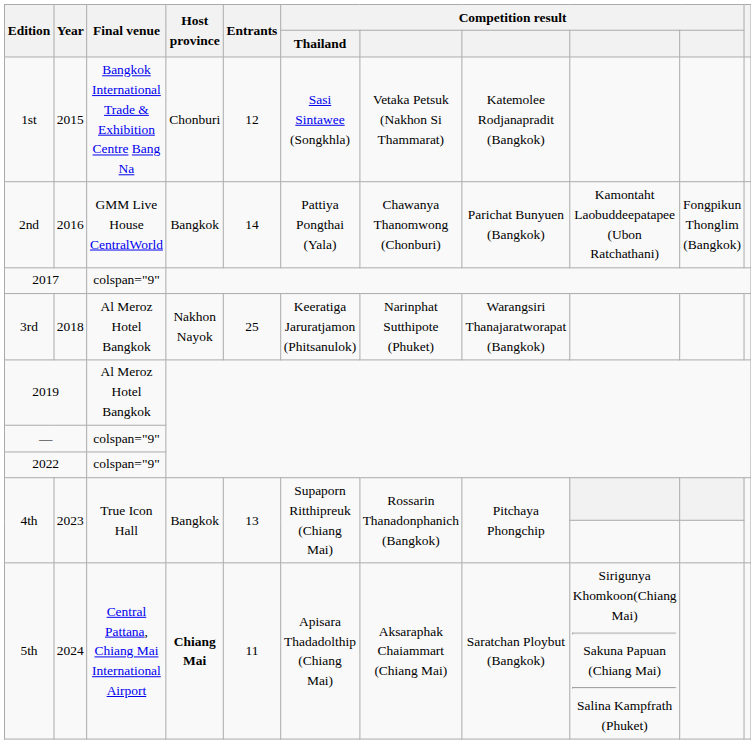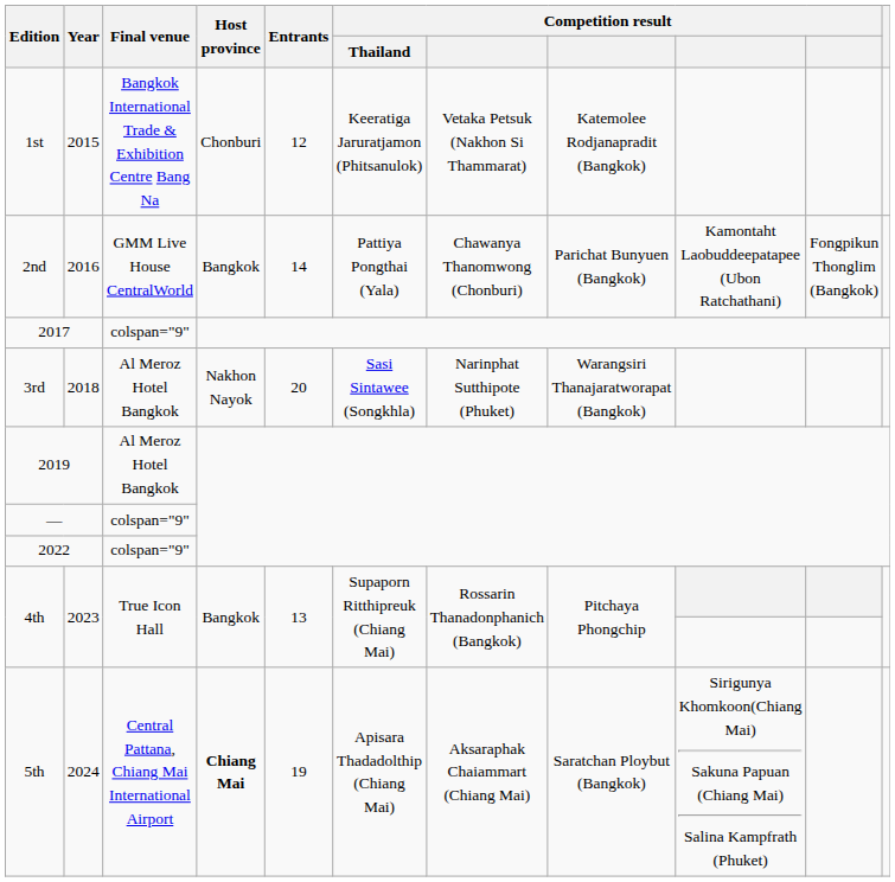 <table class="wikitable" style="text-align:center; font-size:85%; line-height:20px; width:100%;">
 <tr>
 <th rowspan="2">Edition</th>
 <th rowspan="2">Year</th>
 <th rowspan="2">Final venue</th>
 <th rowspan="2">Host province</th>
 <th rowspan="2">Entrants</th>
 <th colspan="5">Competition result</th>
 <th rowspan="2"></th>
 </tr>
 <tr>
 <th> Thailand</th>
 <th></th>
 <th></th>
 <th></th>
 <th></th>
 </tr>
 <tr>
 <td>1st</td>
 <td>2015</td>
 <td><a href='#'>Bangkok International Trade & Exhibition Centre</a> <a href='#'>Bang Na</a></td>
 <td>Chonburi</td>
 <td>12</td>
-<td><a href='#'>Sasi Sintawee</a> (Songkhla)</td>
+<td>Keeratiga Jaruratjamon (Phitsanulok)</td>
 <td>Vetaka Petsuk (Nakhon Si Thammarat)</td>
 <td>Katemolee Rodjanapradit (Bangkok)</td>
 <td></td>
 <td></td>
 <td></td>
 </tr>
 <tr>
 <td>2nd</td>
 <td>2016</td>
 <td>GMM Live House <a href='#'>CentralWorld</a></td>
 <td>Bangkok</td>
 <td>14</td>
 <td>Pattiya Pongthai (Yala)</td>
 <td>Chawanya Thanomwong (Chonburi)</td>
 <td>Parichat Bunyuen (Bangkok)</td>
 <td>Kamontaht Laobuddeepatapee (Ubon Ratchathani)</td>
 <td>Fongpikun Thonglim (Bangkok)</td>
 <td></td>
 </tr>
 <tr>
 <td colspan="2">2017</td>
 <td>colspan="9" </td>
 </tr>
 <tr>
 <td>3rd</td>
 <td>2018</td>
 <td>Al Meroz Hotel Bangkok</td>
 <td>Nakhon Nayok</td>
-<td>25</td>
-<td>Keeratiga Jaruratjamon (Phitsanulok)</td>
+<td>20</td>
+<td><a href='#'>Sasi Sintawee</a> (Songkhla)</td>
 <td>Narinphat Sutthipote (Phuket)</td>
 <td>Warangsiri Thanajaratworapat (Bangkok)</td>
 <td></td>
 <td></td>
 <td></td>
 </tr>
 <tr>
 <td colspan="2">2019</td>
 <td>Al Meroz Hotel Bangkok</td>
 </tr>
 <tr>
 <td colspan="2">—</td>
 <td>colspan="9" </td>
 </tr>
 <tr>
 <td colspan="2">2022</td>
 <td>colspan="9" </td>
 </tr>
 <tr>
 <td rowspan="2">4th</td>
 <td rowspan="2">2023</td>
 <td rowspan="2">True Icon Hall</td>
 <td rowspan="2">Bangkok</td>
 <td rowspan="2">13</td>
 <td rowspan="2">Supaporn Ritthipreuk (Chiang Mai)</td>
 <td rowspan="2">Rossarin Thanadonphanich (Bangkok)</td>
 <td rowspan="2">Pitchaya Phongchip</td>
 <th></th>
 <th></th>
 <td rowspan="2"></td>
 </tr>
 <tr>
 <td></td>
 <td></td>
 </tr>
 <tr>
 <td>5th</td>
 <td>2024</td>
 <td><a href='#'>Central Pattana</a>, <a href='#'>Chiang Mai International Airport</a></td>
 <td><strong>Chiang Mai</strong></td>
-<td>11</td>
+<td>19</td>
 <td>Apisara Thadadolthip (Chiang Mai)</td>
 <td>Aksaraphak Chaiammart (Chiang Mai)</td>
 <td>Saratchan Ploybut (Bangkok)</td>
 <td>Sirigunya Khomkoon(Chiang Mai)<hr>Sakuna Papuan (Chiang Mai)<hr>Salina Kampfrath (Phuket)</td>
 <td></td>
 <td></td>
 </tr>
 </table>
